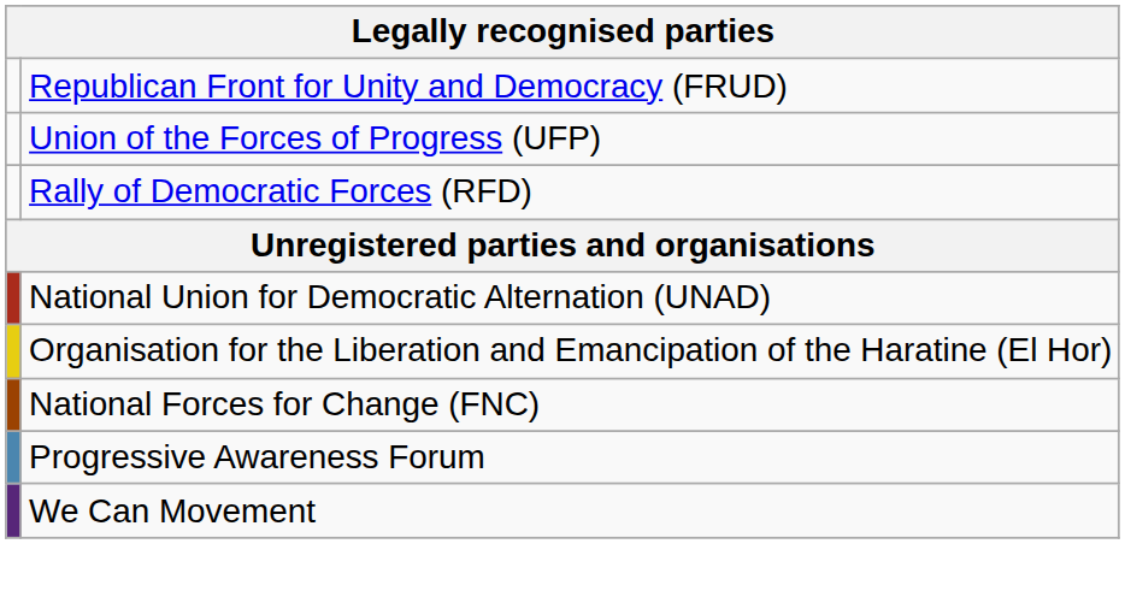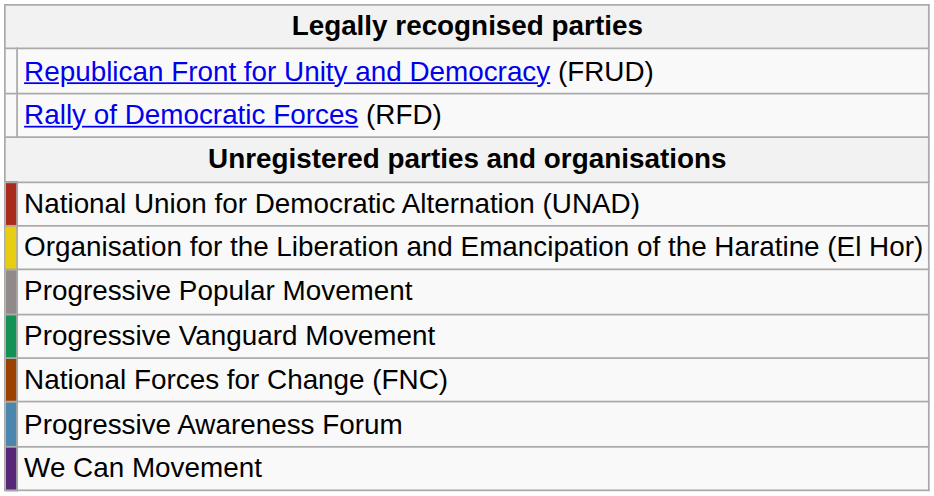 <table class="wikitable" style="text-align">
 <tr>
 <th colspan="2">Legally recognised parties</th>
 </tr>
 <tr>
 <td style="background:"></td>
 <td><a href='#'>Republican Front for Unity and Democracy</a> (FRUD)</td>
-</tr>
-<tr>
-<td style="background:"></td>
-<td><a href='#'>Union of the Forces of Progress</a> (UFP)</td>
 </tr>
 <tr>
 <td style="background:"></td>
 <td><a href='#'>Rally of Democratic Forces</a> (RFD)</td>
 </tr>
 <tr>
 <th colspan="2">Unregistered parties and organisations</th>
 </tr>
 <tr>
 <td style="background:#aa2b1c;"></td>
 <td>National Union for Democratic Alternation (UNAD)</td>
 </tr>
 <tr>
 <td style="background:#e7ce11;"></td>
 <td>Organisation for the Liberation and Emancipation of the Haratine (El Hor)</td>
 </tr>
 <tr>
+<td style="background:#908a8a;"></td>
+<td>Progressive Popular Movement</td>
+</tr>
+<tr>
+<td style="background:#149155;"></td>
+<td>Progressive Vanguard Movement</td>
+</tr>
+<tr>
 <td style="background:#9b4201;"></td>
 <td>National Forces for Change (FNC)</td>
 </tr>
 <tr>
 <td style="background:#4b86af;"></td>
 <td>Progressive Awareness Forum</td>
 </tr>
 <tr>
 <td style="background:#572679;"></td>
 <td>We Can Movement</td>
 </tr>
 </table>
